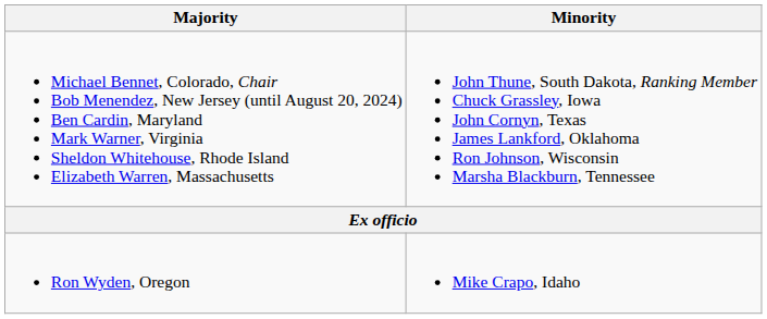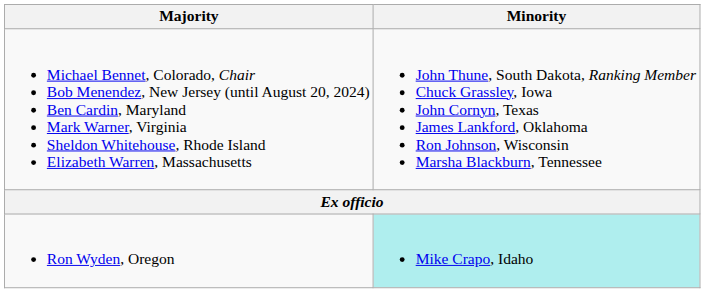 <table class=wikitable>
 <tr>
 <th>Majority</th>
 <th>Minority</th>
 </tr>
 <tr>
 <td><br><ul><li><a href='#'>Michael Bennet</a>, Colorado, <em>Chair</em></li><li><a href='#'>Bob Menendez</a>, New Jersey (until August 20, 2024)</li><li><a href='#'>Ben Cardin</a>, Maryland</li><li><a href='#'>Mark Warner</a>, Virginia</li><li><a href='#'>Sheldon Whitehouse</a>, Rhode Island</li><li><a href='#'>Elizabeth Warren</a>, Massachusetts</li></ul></td>
 <td><br><ul><li><a href='#'>John Thune</a>, South Dakota, <em>Ranking Member</em></li><li><a href='#'>Chuck Grassley</a>, Iowa</li><li><a href='#'>John Cornyn</a>, Texas</li><li><a href='#'>James Lankford</a>, Oklahoma</li><li><a href='#'>Ron Johnson</a>, Wisconsin</li><li><a href='#'>Marsha Blackburn</a>, Tennessee</li></ul></td>
 </tr>
 <tr>
 <th colspan=2><em>Ex officio</em></th>
 </tr>
 <tr>
 <td><br><ul><li><a href='#'>Ron Wyden</a>, Oregon</li></ul></td>
-<td><br><ul><li><a href='#'>Mike Crapo</a>, Idaho</li></ul></td>
+<td style="background: paleturquoise;"><br><ul><li><a href='#'>Mike Crapo</a>, Idaho</li></ul></td>
 </tr>
 </table>
